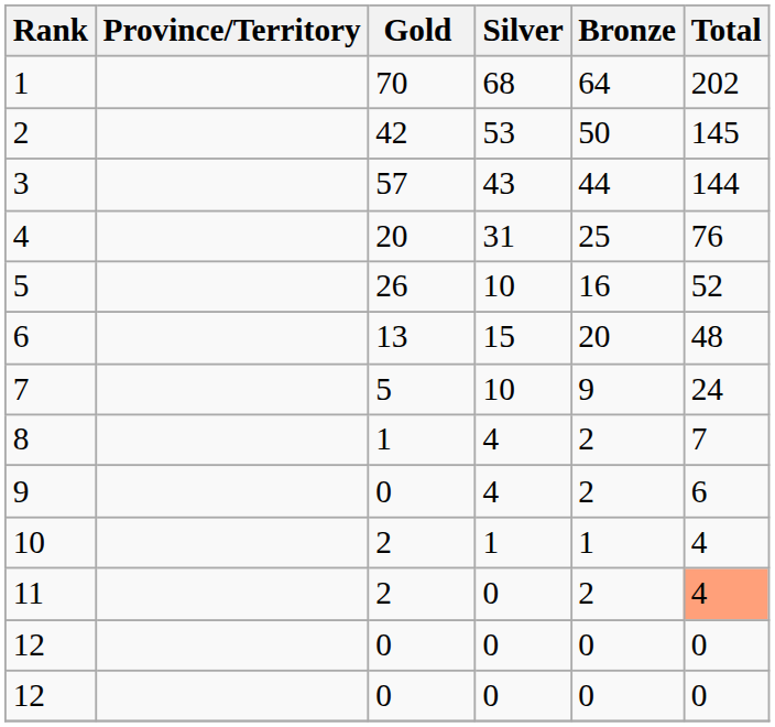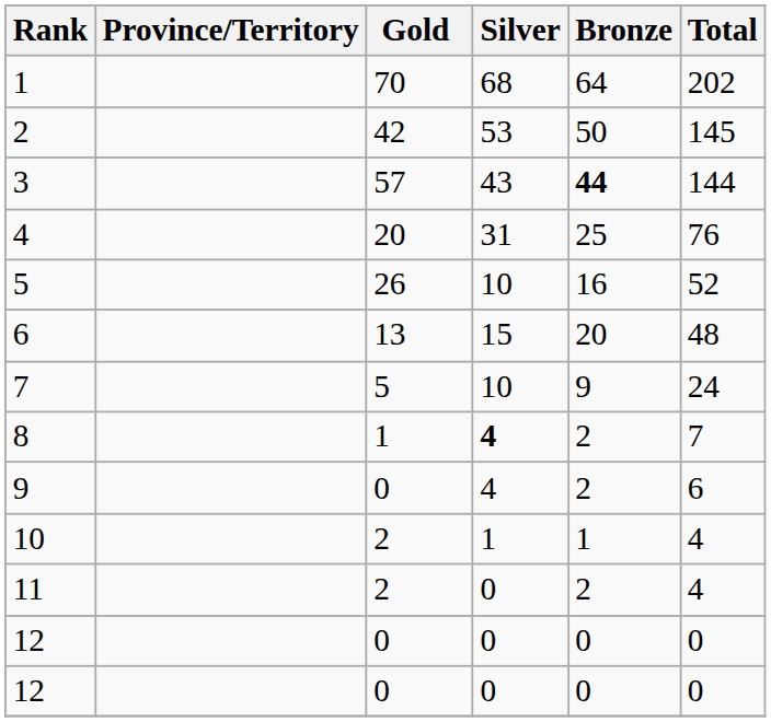 <table class="wikitable">
 <tr>
 <th><strong>Rank</strong></th>
 <th><strong>Province/Territory</strong></th>
 <th bgcolor="gold"><strong> Gold  </strong></th>
 <th bgcolor="silver"><strong>Silver</strong></th>
 <th bgcolor="CC9966"><strong>Bronze</strong></th>
 <th><strong>Total</strong></th>
 </tr>
 <tr>
 <td>1</td>
 <td></td>
 <td>70</td>
 <td>68</td>
 <td>64</td>
 <td>202</td>
 </tr>
 <tr>
 <td>2</td>
 <td></td>
 <td>42</td>
 <td>53</td>
 <td>50</td>
 <td>145</td>
 </tr>
 <tr>
 <td>3</td>
 <td></td>
 <td>57</td>
 <td>43</td>
-<td>44</td>
+<td><strong>44</strong></td>
 <td>144</td>
 </tr>
 <tr>
 <td>4</td>
 <td></td>
 <td>20</td>
 <td>31</td>
 <td>25</td>
 <td>76</td>
 </tr>
 <tr>
 <td>5</td>
 <td></td>
 <td>26</td>
 <td>10</td>
 <td>16</td>
 <td>52</td>
 </tr>
 <tr>
 <td>6</td>
 <td></td>
 <td>13</td>
 <td>15</td>
 <td>20</td>
 <td>48</td>
 </tr>
 <tr>
 <td>7</td>
 <td></td>
 <td>5</td>
 <td>10</td>
 <td>9</td>
 <td>24</td>
 </tr>
 <tr>
 <td>8</td>
 <td></td>
 <td>1</td>
-<td>4</td>
+<td><strong>4</strong></td>
 <td>2</td>
 <td>7</td>
 </tr>
 <tr>
 <td>9</td>
 <td></td>
 <td>0</td>
 <td>4</td>
 <td>2</td>
 <td>6</td>
 </tr>
 <tr>
 <td>10</td>
 <td><strong></strong></td>
 <td>2</td>
 <td>1</td>
 <td>1</td>
 <td>4</td>
 </tr>
 <tr>
 <td>11</td>
 <td></td>
 <td>2</td>
 <td>0</td>
 <td>2</td>
-<td style="background: lightsalmon;">4</td>
+<td>4</td>
 </tr>
 <tr>
 <td>12</td>
 <td></td>
 <td>0</td>
 <td>0</td>
 <td>0</td>
 <td>0</td>
 </tr>
 <tr>
 <td>12</td>
 <td></td>
 <td>0</td>
 <td>0</td>
 <td>0</td>
 <td>0</td>
 </tr>
 <tr>
 </tr>
 </table>
